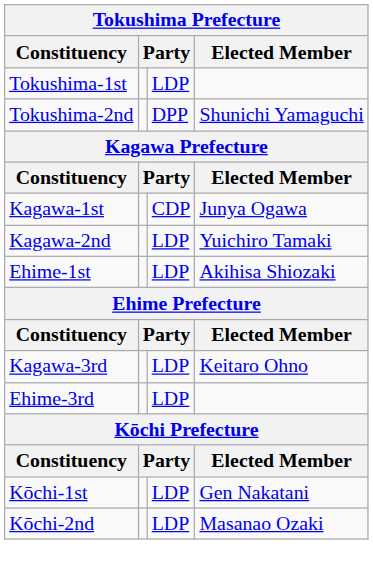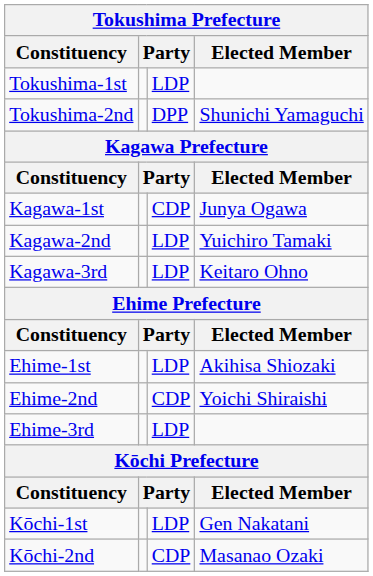 <table class="wikitable">
 <tr>
 <th colspan=4><a href='#'>Tokushima Prefecture</a></th>
 </tr>
 <tr>
 <th>Constituency</th>
 <th colspan=2>Party</th>
 <th>Elected Member</th>
 </tr>
 <tr>
 <td><a href='#'>Tokushima-1st</a></td>
 <td style="background:"></td>
 <td><a href='#'>LDP</a></td>
 <td></td>
 </tr>
 <tr>
 <td><a href='#'>Tokushima-2nd</a></td>
 <td style="background:"></td>
 <td><a href='#'>DPP</a></td>
 <td><a href='#'>Shunichi Yamaguchi</a></td>
 </tr>
 <tr>
 <th colspan=4><a href='#'>Kagawa Prefecture</a></th>
 </tr>
 <tr>
 <th>Constituency</th>
 <th colspan=2>Party</th>
 <th>Elected Member</th>
 </tr>
 <tr>
 <td><a href='#'>Kagawa-1st</a></td>
 <td style="background:"></td>
 <td><a href='#'>CDP</a></td>
 <td><a href='#'>Junya Ogawa</a></td>
 </tr>
 <tr>
 <td><a href='#'>Kagawa-2nd</a></td>
 <td style="background:"></td>
 <td><a href='#'>LDP</a></td>
 <td><a href='#'>Yuichiro Tamaki</a></td>
 </tr>
 <tr>
-<td><a href='#'>Ehime-1st</a></td>
+<td><a href='#'>Kagawa-3rd</a></td>
 <td style="background:"></td>
 <td><a href='#'>LDP</a></td>
-<td><a href='#'>Akihisa Shiozaki</a></td>
+<td><a href='#'>Keitaro Ohno</a></td>
 </tr>
 <tr>
 <th colspan=4><a href='#'>Ehime Prefecture</a></th>
 </tr>
 <tr>
 <th>Constituency</th>
 <th colspan=2>Party</th>
 <th>Elected Member</th>
 </tr>
 <tr>
-<td><a href='#'>Kagawa-3rd</a></td>
+<td><a href='#'>Ehime-1st</a></td>
 <td style="background:"></td>
 <td><a href='#'>LDP</a></td>
-<td><a href='#'>Keitaro Ohno</a></td>
+<td><a href='#'>Akihisa Shiozaki</a></td>
+</tr>
+<tr>
+<td><a href='#'>Ehime-2nd</a></td>
+<td style="background:"></td>
+<td><a href='#'>CDP</a></td>
+<td><a href='#'>Yoichi Shiraishi</a></td>
 </tr>
 <tr>
 <td><a href='#'>Ehime-3rd</a></td>
 <td style="background:"></td>
 <td><a href='#'>LDP</a></td>
 <td></td>
 </tr>
 <tr>
 <th colspan=4><a href='#'>Kōchi Prefecture</a></th>
 </tr>
 <tr>
 <th>Constituency</th>
 <th colspan=2>Party</th>
 <th>Elected Member</th>
 </tr>
 <tr>
 <td><a href='#'>Kōchi-1st</a></td>
 <td style="background:"></td>
 <td><a href='#'>LDP</a></td>
 <td><a href='#'>Gen Nakatani</a></td>
 </tr>
 <tr>
 <td><a href='#'>Kōchi-2nd</a></td>
 <td style="background:"></td>
-<td><a href='#'>LDP</a></td>
+<td><a href='#'>CDP</a></td>
 <td><a href='#'>Masanao Ozaki</a></td>
 </tr>
 </table>
